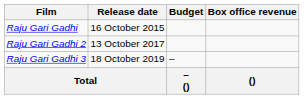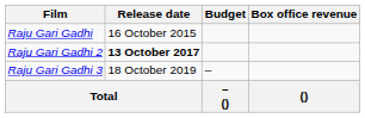 <table class="wikitable">
 <tr>
 <th>Film</th>
 <th>Release date</th>
 <th>Budget</th>
 <th>Box office revenue</th>
 </tr>
 <tr>
 <td><em><a href='#'>Raju Gari Gadhi</a></em></td>
 <td>16 October 2015</td>
 <td></td>
 <td></td>
 </tr>
 <tr>
 <td><em><a href='#'>Raju Gari Gadhi 2</a></em></td>
-<td>13 October 2017</td>
+<td><strong>13 October 2017</strong></td>
 <td></td>
 <td></td>
 </tr>
 <tr>
 <td><em><a href='#'>Raju Gari Gadhi 3</a></em></td>
 <td>18 October 2019</td>
 <td>–</td>
 <td></td>
 </tr>
 <tr>
 <th colspan="2">Total</th>
 <th>–<br>()</th>
 <th>()</th>
 </tr>
 </table>
